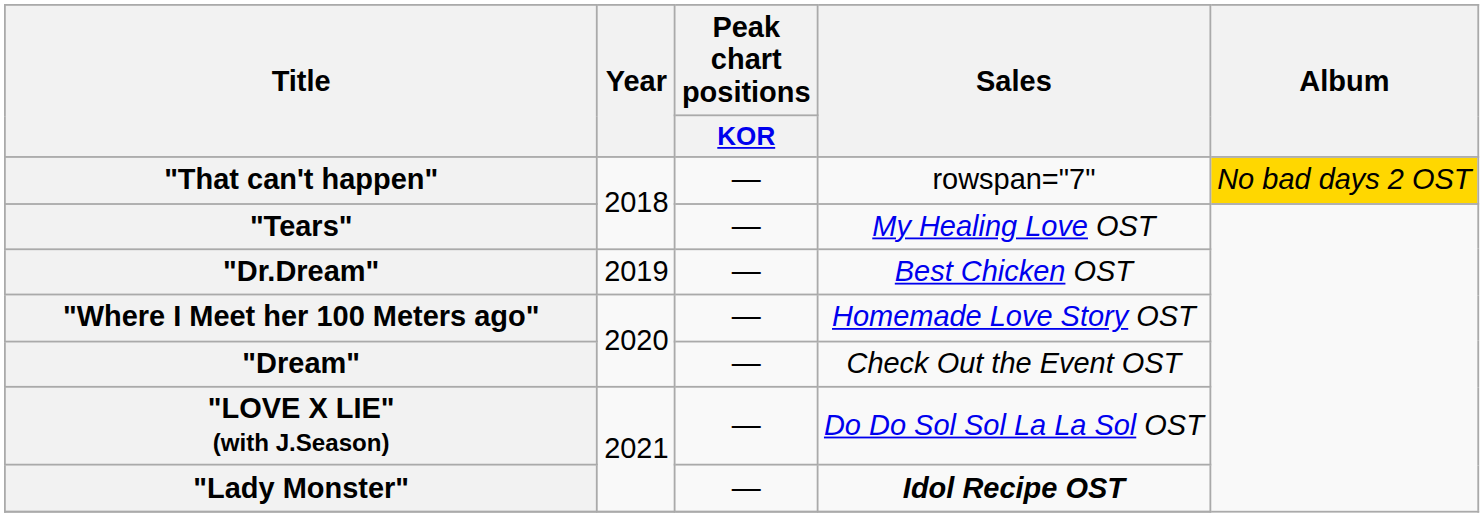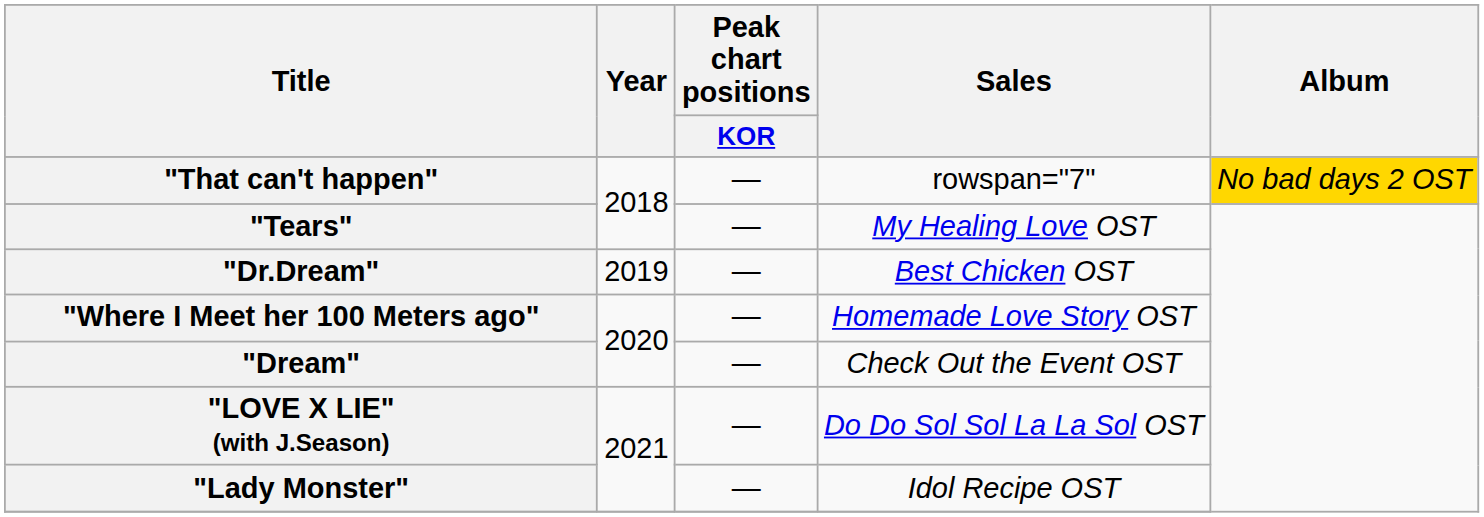 <table class="wikitable plainrowheaders" style="text-align:center">
 <tr>
 <th rowspan="2" style="width:20em;">Title</th>
 <th rowspan="2">Year</th>
 <th colspan="1">Peak chart positions</th>
 <th scope="col" rowspan="2">Sales</th>
 <th rowspan="2">Album</th>
 </tr>
 <tr>
 <th scope="col" style="width:3em;font-size:90%;"><a href='#'>KOR</a></th>
 </tr>
 <tr>
 <th scope="row">"That can't happen" </th>
 <td rowspan="2">2018</td>
 <td>—</td>
 <td>rowspan="7" </td>
 <td style="background: gold;"><em>No bad days 2 OST</em></td>
 </tr>
 <tr>
 <th scope="row">"Tears"</th>
 <td>—</td>
 <td><em><a href='#'>My Healing Love</a> OST</em></td>
 </tr>
 <tr>
 <th scope="row">"Dr.Dream"</th>
 <td>2019</td>
 <td>—</td>
 <td><em><a href='#'>Best Chicken</a> OST</em></td>
 </tr>
 <tr>
 <th scope="row">"Where I Meet her 100 Meters ago" </th>
 <td rowspan="2">2020</td>
 <td>—</td>
 <td><em><a href='#'>Homemade Love Story</a> OST</em></td>
 </tr>
 <tr>
 <th scope="row">"Dream" </th>
 <td>—</td>
 <td><em>Check Out the Event OST</em></td>
 </tr>
 <tr>
 <th scope="row">"LOVE X LIE" <br><small>(with J.Season)</small></th>
 <td rowspan="2">2021</td>
 <td>—</td>
 <td><em><a href='#'>Do Do Sol Sol La La Sol</a> OST</em></td>
 </tr>
 <tr>
 <th scope="row">"Lady Monster"</th>
 <td>—</td>
-<td><strong><em>Idol Recipe OST</em></strong></td>
+<td><em>Idol Recipe OST</em></td>
 </tr>
 <tr>
 </tr>
 </table>
